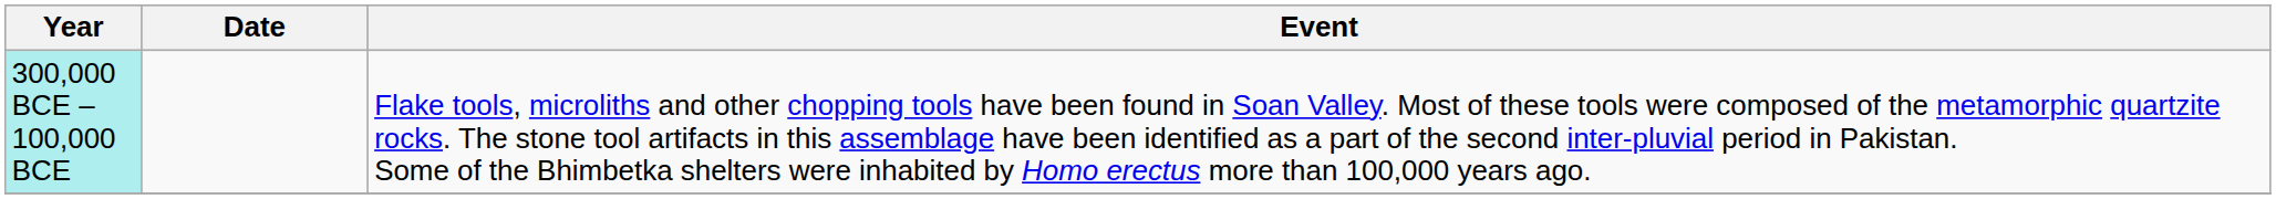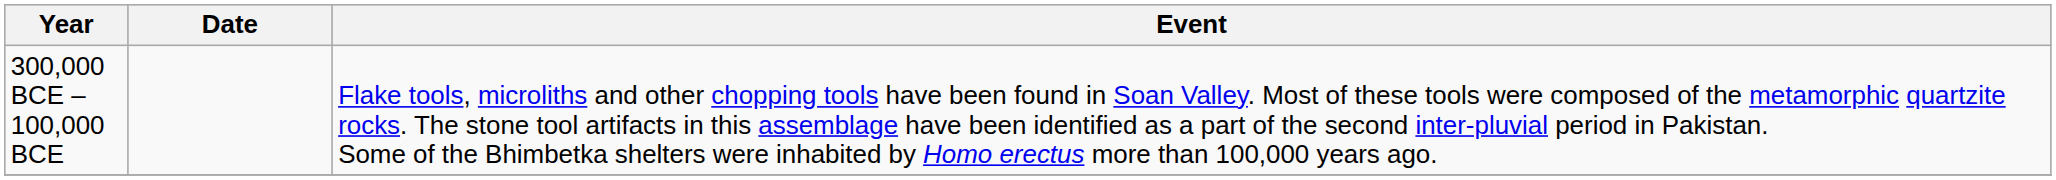 <table class="wikitable" style="width:100%">
 <tr>
 <th style="width:6%">Year</th>
 <th style="width:10%">Date</th>
 <th>Event</th>
 </tr>
 <tr>
-<td style="background: paleturquoise;">300,000 BCE – 100,000 BCE</td>
+<td>300,000 BCE – 100,000 BCE</td>
 <td></td>
 <td><br><a href='#'>Flake tools</a>, <a href='#'>microliths</a> and other <a href='#'>chopping tools</a> have been found in <a href='#'>Soan Valley</a>. Most of these tools were composed of the <a href='#'>metamorphic</a> <a href='#'>quartzite rocks</a>. The stone tool artifacts in this <a href='#'>assemblage</a> have been identified as a part of the second <a href='#'>inter-pluvial</a> period in Pakistan.<br>Some of the Bhimbetka shelters were inhabited by <em><a href='#'>Homo erectus</a></em> more than 100,000 years ago.</td>
 </tr>
 <tr>
 </tr>
 </table>
